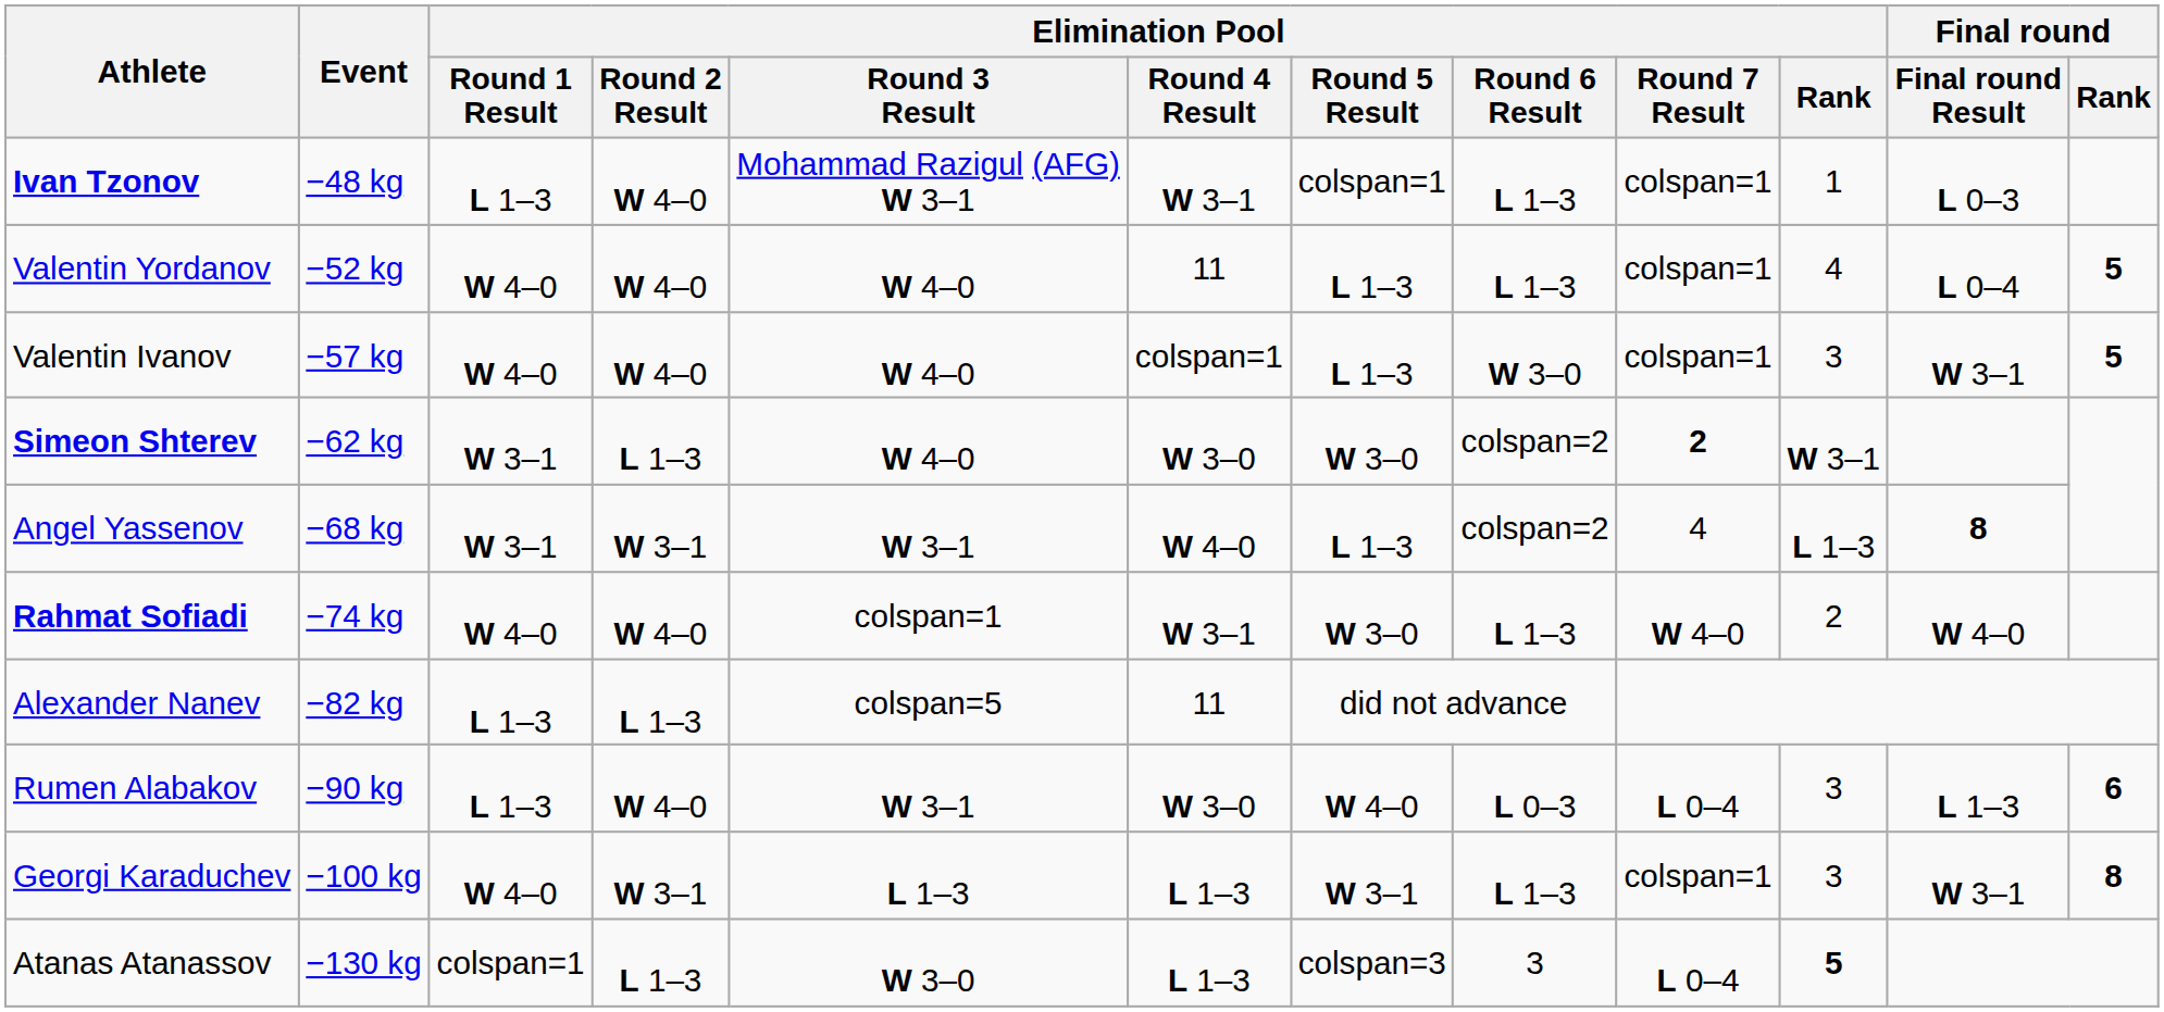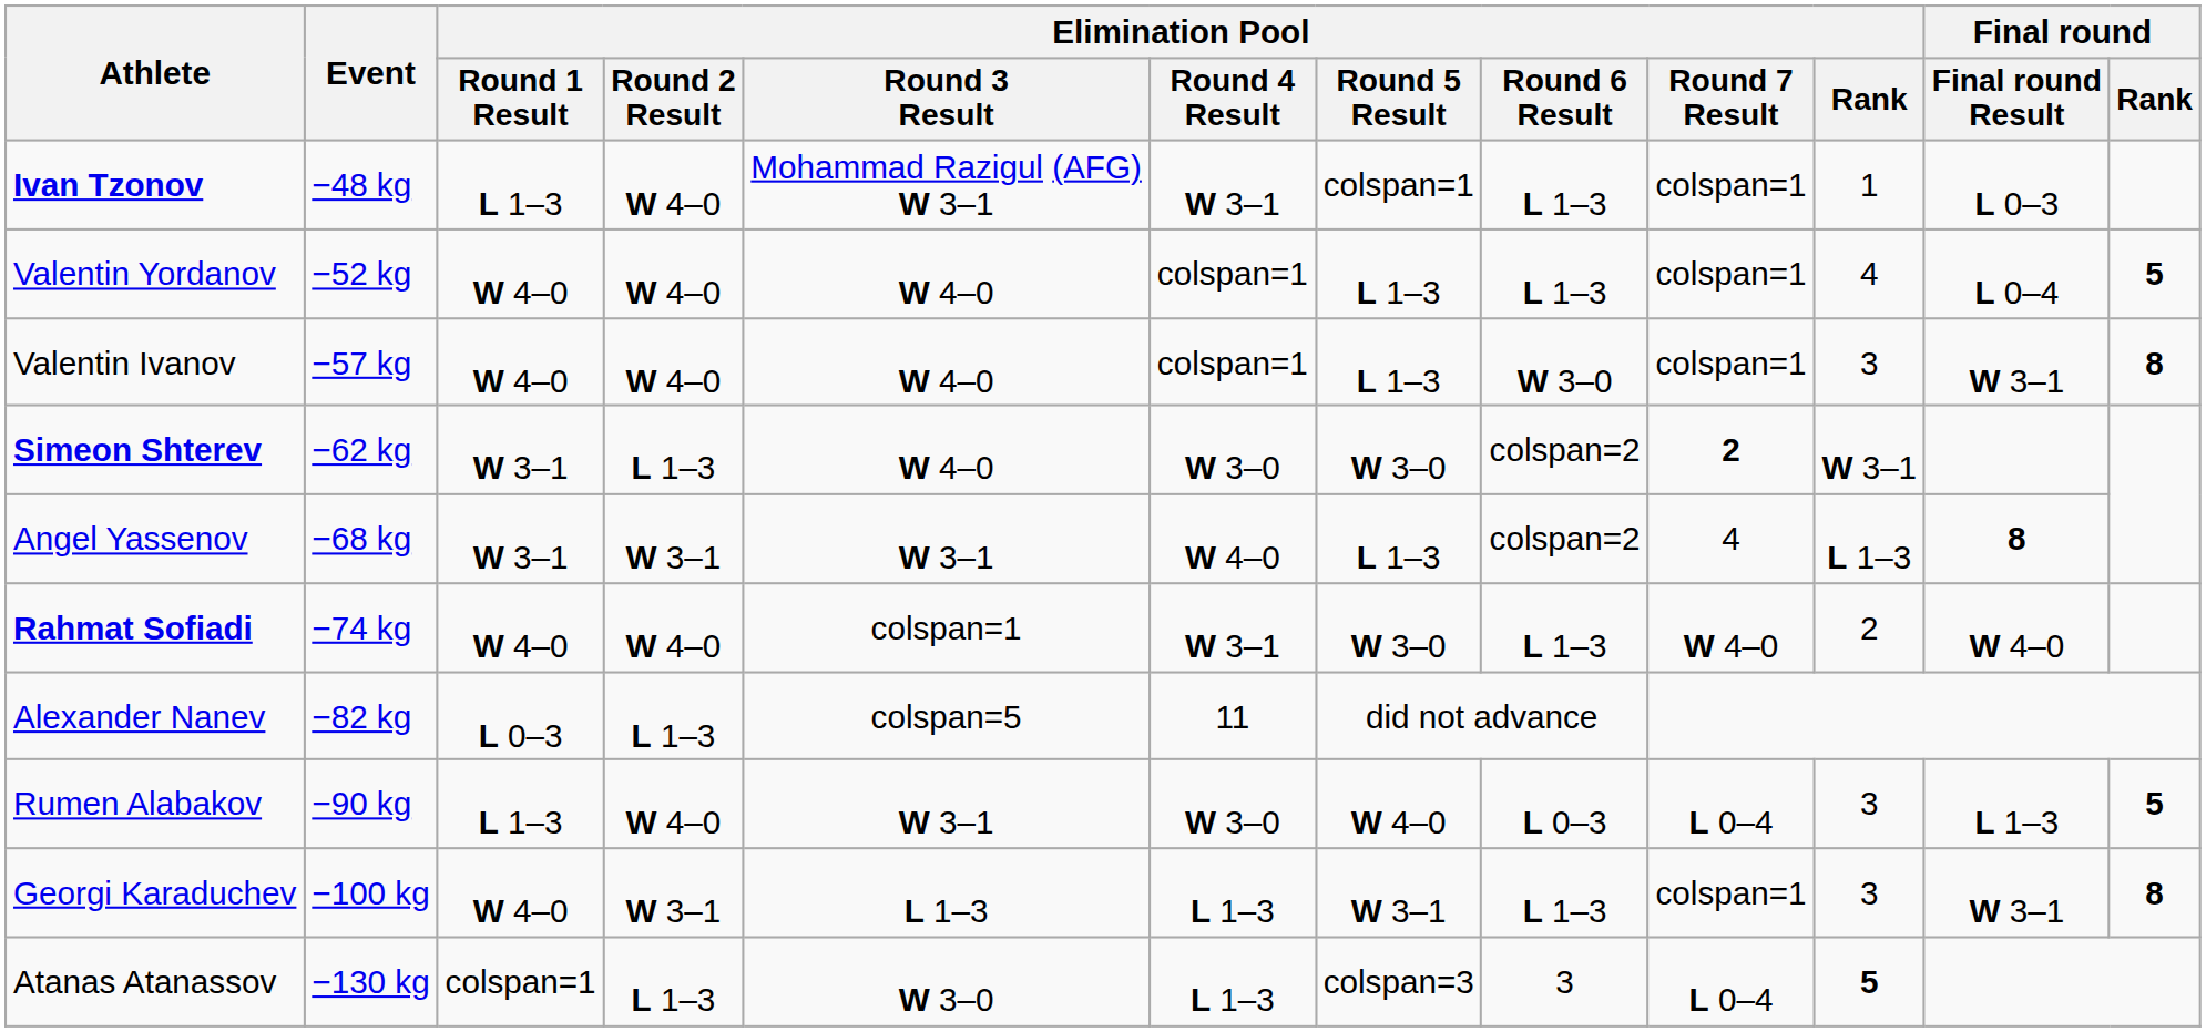 <table class="wikitable" style="font-size:90%; text-align:center;">
 <tr>
 <th rowspan="2">Athlete</th>
 <th rowspan="2">Event</th>
 <th colspan=8>Elimination Pool</th>
 <th colspan=2>Final round</th>
 </tr>
 <tr style="font-size: 95%">
 <th>Round 1<br>Result</th>
 <th>Round 2<br>Result</th>
 <th>Round 3<br>Result</th>
 <th>Round 4<br>Result</th>
 <th>Round 5<br>Result</th>
 <th>Round 6<br>Result</th>
 <th>Round 7<br>Result</th>
 <th>Rank</th>
 <th>Final round<br>Result</th>
 <th>Rank</th>
 </tr>
 <tr>
 <td align=left><strong><a href='#'>Ivan Tzonov</a></strong></td>
 <td align=left><a href='#'>−48 kg</a></td>
 <td><br><strong>L</strong> 1–3</td>
 <td><br><strong>W</strong> 4–0</td>
 <td><a href='#'>Mohammad Razigul</a> <a href='#'>(AFG)</a> <br><strong>W</strong> 3–1</td>
 <td><br><strong>W</strong> 3–1</td>
 <td>colspan=1 </td>
 <td><br><strong>L</strong> 1–3</td>
 <td>colspan=1 </td>
 <td>1</td>
 <td><br><strong>L</strong> 0–3</td>
 <td></td>
 </tr>
 <tr>
 <td align=left><a href='#'>Valentin Yordanov</a></td>
 <td align=left><a href='#'>−52 kg</a></td>
 <td><br><strong>W</strong> 4–0</td>
 <td><br><strong>W</strong> 4–0</td>
 <td><br><strong>W</strong> 4–0</td>
-<td>11</td>
+<td>colspan=1 </td>
 <td><br><strong>L</strong> 1–3</td>
 <td><br><strong>L</strong> 1–3</td>
 <td>colspan=1 </td>
 <td>4</td>
 <td><br><strong>L</strong> 0–4</td>
 <td><strong>5</strong></td>
 </tr>
 <tr>
 <td align=left>Valentin Ivanov</td>
 <td align=left><a href='#'>−57 kg</a></td>
 <td><br><strong>W</strong> 4–0</td>
 <td><br><strong>W</strong> 4–0</td>
 <td><br><strong>W</strong> 4–0</td>
 <td>colspan=1 </td>
 <td><br><strong>L</strong> 1–3</td>
 <td><br><strong>W</strong> 3–0</td>
 <td>colspan=1 </td>
 <td>3</td>
 <td><br><strong>W</strong> 3–1</td>
-<td><strong>5</strong></td>
+<td><strong>8</strong></td>
 </tr>
 <tr>
 <td align=left><strong><a href='#'>Simeon Shterev</a></strong></td>
 <td align=left><a href='#'>−62 kg</a></td>
 <td><br><strong>W</strong> 3–1</td>
 <td><br><strong>L</strong> 1–3</td>
 <td><br><strong>W</strong> 4–0</td>
 <td><br><strong>W</strong> 3–0</td>
 <td><br><strong>W</strong> 3–0</td>
 <td>colspan=2 </td>
 <td><strong>2</strong></td>
 <td><br><strong>W</strong> 3–1</td>
 <td></td>
 </tr>
 <tr>
 <td align=left><a href='#'>Angel Yassenov</a></td>
 <td align=left><a href='#'>−68 kg</a></td>
 <td><br><strong>W</strong> 3–1</td>
 <td><br><strong>W</strong> 3–1</td>
 <td><br><strong>W</strong> 3–1</td>
 <td><br><strong>W</strong> 4–0</td>
 <td><br><strong>L</strong> 1–3</td>
 <td>colspan=2 </td>
 <td>4</td>
 <td><br><strong>L</strong> 1–3</td>
 <td><strong>8</strong></td>
 </tr>
 <tr>
 <td align=left><strong><a href='#'>Rahmat Sofiadi</a></strong></td>
 <td align=left><a href='#'>−74 kg</a></td>
 <td><br><strong>W</strong> 4–0</td>
 <td><br><strong>W</strong> 4–0</td>
 <td>colspan=1 </td>
 <td><br><strong>W</strong> 3–1</td>
 <td><br><strong>W</strong> 3–0</td>
 <td><br><strong>L</strong> 1–3</td>
 <td><br><strong>W</strong> 4–0</td>
 <td>2</td>
 <td><br><strong>W</strong> 4–0</td>
 <td></td>
 </tr>
 <tr>
 <td align=left><a href='#'>Alexander Nanev</a></td>
 <td align=left><a href='#'>−82 kg</a></td>
-<td><br><strong>L</strong> 1–3</td>
+<td><br><strong>L</strong> 0–3</td>
 <td><br><strong>L</strong> 1–3</td>
 <td>colspan=5 </td>
 <td>11</td>
 <td colspan=2>did not advance</td>
 </tr>
 <tr>
 <td align=left><a href='#'>Rumen Alabakov</a></td>
 <td align=left><a href='#'>−90 kg</a></td>
 <td><br><strong>L</strong> 1–3</td>
 <td><br><strong>W</strong> 4–0</td>
 <td><br><strong>W</strong> 3–1</td>
 <td><br><strong>W</strong> 3–0</td>
 <td><br><strong>W</strong> 4–0</td>
 <td><br><strong>L</strong> 0–3</td>
 <td><br><strong>L</strong> 0–4</td>
 <td>3</td>
 <td><br><strong>L</strong> 1–3</td>
-<td><strong>6</strong></td>
+<td><strong>5</strong></td>
 </tr>
 <tr>
 <td align=left><a href='#'>Georgi Karaduchev</a></td>
 <td align=left><a href='#'>−100 kg</a></td>
 <td><br><strong>W</strong> 4–0</td>
 <td><br><strong>W</strong> 3–1</td>
 <td><br><strong>L</strong> 1–3</td>
 <td><br><strong>L</strong> 1–3</td>
 <td><br><strong>W</strong> 3–1</td>
 <td><br><strong>L</strong> 1–3</td>
 <td>colspan=1 </td>
 <td>3</td>
 <td><br><strong>W</strong> 3–1</td>
 <td><strong>8</strong></td>
 </tr>
 <tr>
 <td align=left>Atanas Atanassov</td>
 <td align=left><a href='#'>−130 kg</a></td>
 <td>colspan=1 </td>
 <td><br><strong>L</strong> 1–3</td>
 <td><br><strong>W</strong> 3–0</td>
 <td><br><strong>L</strong> 1–3</td>
 <td>colspan=3 </td>
 <td>3</td>
 <td><br><strong>L</strong> 0–4</td>
 <td><strong>5</strong></td>
 </tr>
 </table>
